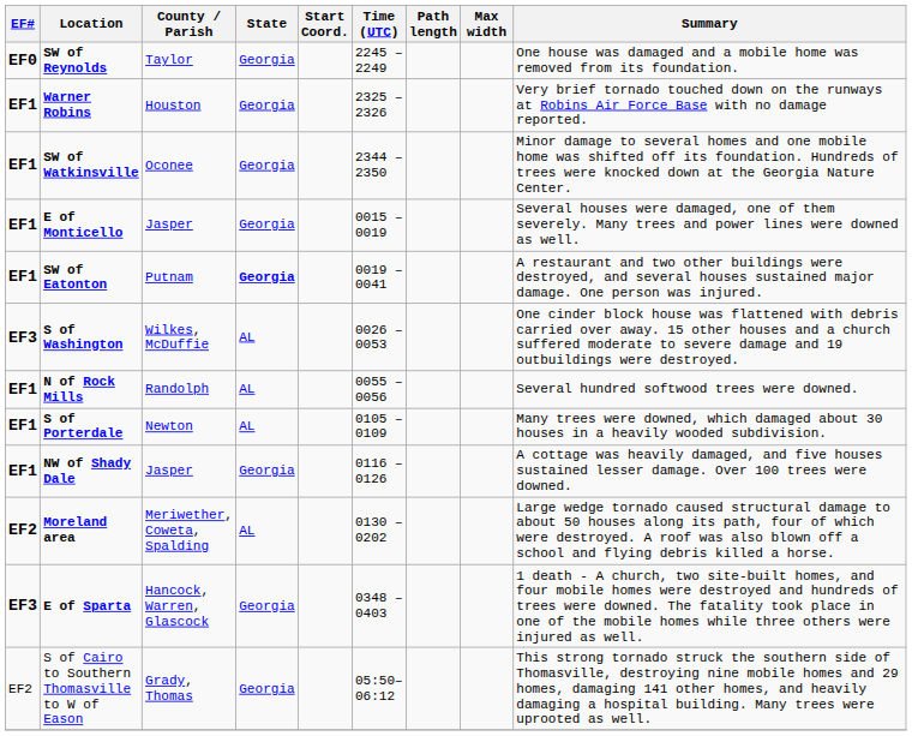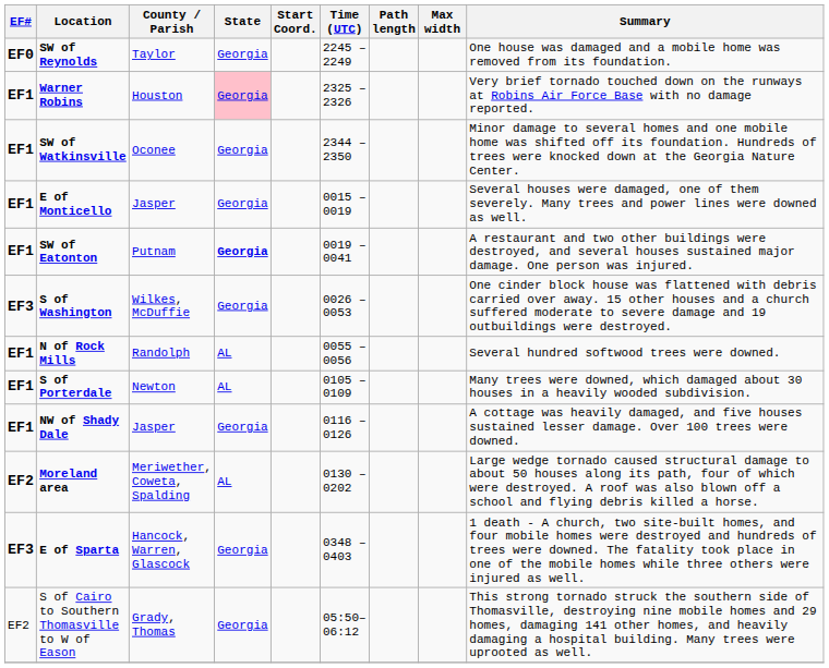 <table class="wikitable sortable" style="width:100%;">
 <tr>
 <th scope="col" width="3%" align="center"><a href='#'>EF#</a></th>
 <th scope="col" width="7%" align="center" class="unsortable">Location</th>
 <th scope="col" width="6%" align="center" class="unsortable">County / Parish</th>
 <th scope="col" width="5%" align="center">State</th>
 <th scope="col" width="6%" align="center">Start Coord.</th>
 <th scope="col" width="6%" align="center">Time (<a href='#'>UTC</a>)</th>
 <th scope="col" width="6%" align="center">Path length</th>
 <th scope="col" width="6%" align="center">Max width</th>
 <th scope="col" width="48%" class="unsortable" align="center">Summary</th>
 </tr>
 <tr>
 <td><big><strong>EF0</strong></big></td>
 <td><strong>SW of <a href='#'>Reynolds</a></strong></td>
 <td><a href='#'>Taylor</a></td>
 <td><a href='#'>Georgia</a></td>
 <td></td>
 <td>2245 – 2249</td>
 <td></td>
 <td></td>
 <td>One house was damaged and a mobile home was removed from its foundation.</td>
 </tr>
 <tr>
 <td><big><strong>EF1</strong></big></td>
 <td><strong><a href='#'>Warner Robins</a></strong></td>
 <td><a href='#'>Houston</a></td>
-<td><a href='#'>Georgia</a></td>
+<td style="background: pink;"><a href='#'>Georgia</a></td>
 <td></td>
 <td>2325 – 2326</td>
 <td></td>
 <td></td>
 <td>Very brief tornado touched down on the runways at <a href='#'>Robins Air Force Base</a> with no damage reported.</td>
 </tr>
 <tr>
 <td><big><strong>EF1</strong></big></td>
 <td><strong>SW of <a href='#'>Watkinsville</a></strong></td>
 <td><a href='#'>Oconee</a></td>
 <td><a href='#'>Georgia</a></td>
 <td></td>
 <td>2344 – 2350</td>
 <td></td>
 <td></td>
 <td>Minor damage to several homes and one mobile home was shifted off its foundation. Hundreds of trees were knocked down at the Georgia Nature Center.</td>
 </tr>
 <tr>
 <td><big><strong>EF1</strong></big></td>
 <td><strong>E of <a href='#'>Monticello</a></strong></td>
 <td><a href='#'>Jasper</a></td>
 <td><a href='#'>Georgia</a></td>
 <td></td>
 <td>0015 – 0019</td>
 <td></td>
 <td></td>
 <td>Several houses were damaged, one of them severely. Many trees and power lines were downed as well.</td>
 </tr>
 <tr>
 <td><big><strong>EF1</strong></big></td>
 <td><strong>SW of <a href='#'>Eatonton</a></strong></td>
 <td><a href='#'>Putnam</a></td>
 <td><strong><a href='#'>Georgia</a></strong></td>
 <td></td>
 <td>0019 – 0041</td>
 <td></td>
 <td></td>
 <td>A restaurant and two other buildings were destroyed, and several houses sustained major damage. One person was injured.</td>
 </tr>
 <tr>
 <td><big><strong>EF3</strong></big></td>
 <td><strong>S of <a href='#'>Washington</a></strong></td>
 <td><a href='#'>Wilkes</a>, <a href='#'>McDuffie</a></td>
-<td><a href='#'>AL</a></td>
+<td><a href='#'>Georgia</a></td>
 <td></td>
 <td>0026 – 0053</td>
 <td></td>
 <td></td>
 <td>One cinder block house was flattened with debris carried over  away. 15 other houses and a church suffered moderate to severe damage and 19 outbuildings were destroyed.</td>
 </tr>
 <tr>
 <td><big><strong>EF1</strong></big></td>
 <td><strong>N of <a href='#'>Rock Mills</a></strong></td>
 <td><a href='#'>Randolph</a></td>
 <td><a href='#'>AL</a></td>
 <td></td>
 <td>0055 – 0056</td>
 <td></td>
 <td></td>
 <td>Several hundred softwood trees were downed.</td>
 </tr>
 <tr>
 <td><big><strong>EF1</strong></big></td>
 <td><strong>S of <a href='#'>Porterdale</a></strong></td>
 <td><a href='#'>Newton</a></td>
 <td><a href='#'>AL</a></td>
 <td></td>
 <td>0105 – 0109</td>
 <td></td>
 <td></td>
 <td>Many trees were downed, which damaged about 30 houses in a heavily wooded subdivision.</td>
 </tr>
 <tr>
 <td><big><strong>EF1</strong></big></td>
 <td><strong>NW of <a href='#'>Shady Dale</a></strong></td>
 <td><a href='#'>Jasper</a></td>
 <td><a href='#'>Georgia</a></td>
 <td></td>
 <td>0116 – 0126</td>
 <td></td>
 <td></td>
 <td>A cottage was heavily damaged, and five houses sustained lesser damage. Over 100 trees were downed.</td>
 </tr>
 <tr>
 <td><big><strong>EF2</strong></big></td>
 <td><strong><a href='#'>Moreland</a> area</strong></td>
 <td><a href='#'>Meriwether</a>, <a href='#'>Coweta</a>, <a href='#'>Spalding</a></td>
 <td><a href='#'>AL</a></td>
 <td></td>
 <td>0130 – 0202</td>
 <td></td>
 <td></td>
 <td>Large wedge tornado caused structural damage to about 50 houses along its path, four of which were destroyed. A roof was also blown off a school and flying debris killed a horse.</td>
 </tr>
 <tr>
 <td><big><strong>EF3</strong></big></td>
 <td><strong>E of <a href='#'>Sparta</a></strong></td>
 <td><a href='#'>Hancock</a>, <a href='#'>Warren</a>, <a href='#'>Glascock</a></td>
 <td><a href='#'>Georgia</a></td>
 <td></td>
 <td>0348 – 0403</td>
 <td></td>
 <td></td>
 <td>1 death - A church, two site-built homes, and four mobile homes were destroyed and hundreds of trees were downed. The fatality took place in one of the mobile homes while three others were injured as well.</td>
 </tr>
 <tr>
 <td>EF2</td>
 <td>S of <a href='#'>Cairo</a> to Southern <a href='#'>Thomasville</a> to W of <a href='#'>Eason</a></td>
 <td><a href='#'>Grady</a>, <a href='#'>Thomas</a></td>
 <td><a href='#'>Georgia</a></td>
 <td></td>
 <td>05:50–06:12</td>
 <td></td>
 <td></td>
 <td>This strong tornado struck the southern side of Thomasville, destroying nine mobile homes and 29 homes, damaging 141 other homes, and heavily damaging a hospital building. Many trees were uprooted as well.</td>
 </tr>
 <tr>
 </tr>
 </table>
